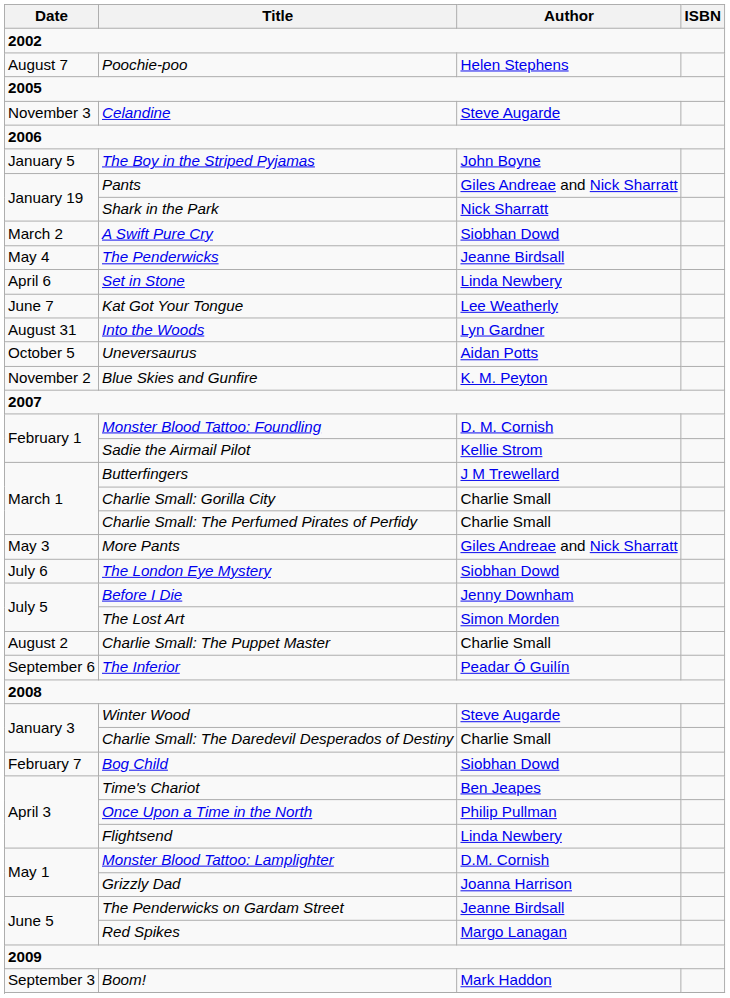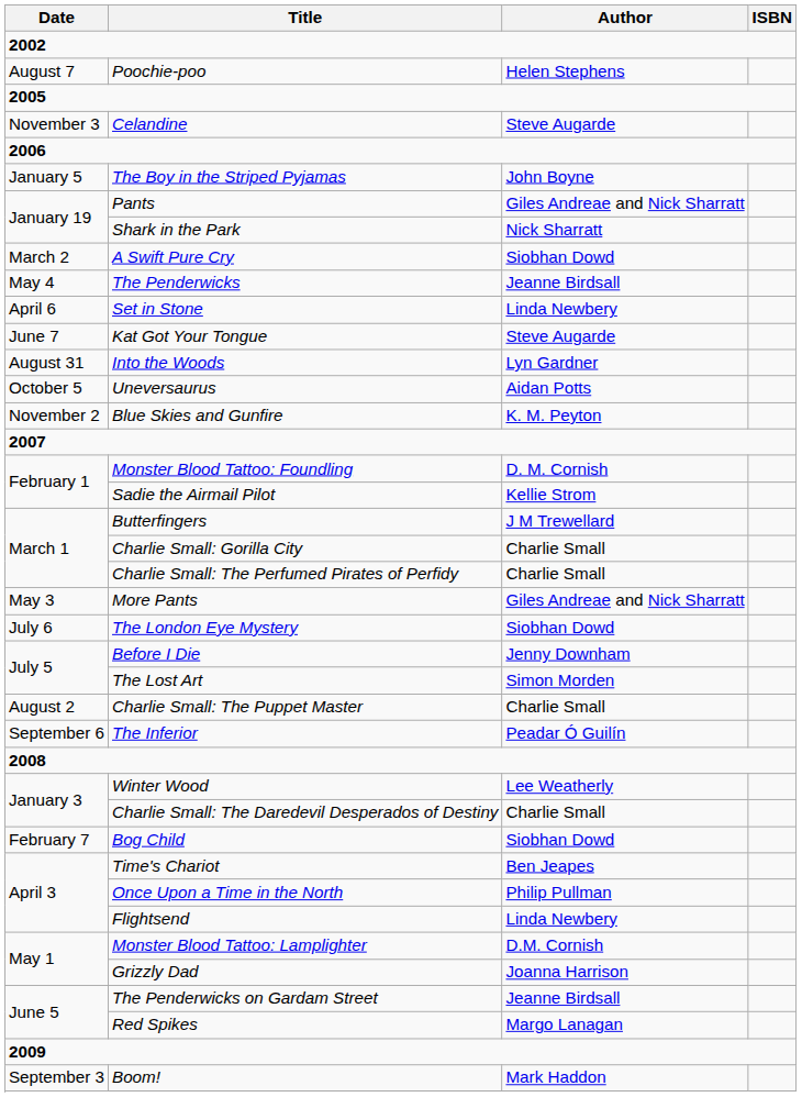 <table class="wikitable">
 <tr>
 <th>Date</th>
 <th>Title</th>
 <th>Author</th>
 <th>ISBN</th>
 </tr>
 <tr>
 <td colspan="5"><strong>2002</strong></td>
 </tr>
 <tr>
 <td>August 7</td>
 <td><em>Poochie-poo</em></td>
 <td><a href='#'>Helen Stephens</a></td>
 <td></td>
 </tr>
 <tr>
 <td colspan="5"><strong>2005</strong></td>
 </tr>
 <tr>
 <td>November 3</td>
 <td><em><a href='#'>Celandine</a></em></td>
 <td><a href='#'>Steve Augarde</a></td>
 <td></td>
 </tr>
 <tr>
 <td colspan="5"><strong>2006</strong></td>
 </tr>
 <tr>
 <td>January 5</td>
 <td><em><a href='#'>The Boy in the Striped Pyjamas</a></em></td>
 <td><a href='#'>John Boyne</a></td>
 <td></td>
 </tr>
 <tr>
 <td rowspan="2">January 19</td>
 <td><em>Pants</em></td>
 <td><a href='#'>Giles Andreae</a> and <a href='#'>Nick Sharratt</a></td>
 <td></td>
 </tr>
 <tr>
 <td><em>Shark in the Park</em></td>
 <td><a href='#'>Nick Sharratt</a></td>
 <td></td>
 </tr>
 <tr>
 <td>March 2</td>
 <td><em><a href='#'>A Swift Pure Cry</a></em></td>
 <td><a href='#'>Siobhan Dowd</a></td>
 <td></td>
 </tr>
 <tr>
 <td>May 4</td>
 <td><em><a href='#'>The Penderwicks</a></em></td>
 <td><a href='#'>Jeanne Birdsall</a></td>
 <td></td>
 </tr>
 <tr>
 <td>April 6</td>
 <td><em><a href='#'>Set in Stone</a></em></td>
 <td><a href='#'>Linda Newbery</a></td>
 <td></td>
 </tr>
 <tr>
 <td>June 7</td>
 <td><em>Kat Got Your Tongue</em></td>
-<td><a href='#'>Lee Weatherly</a></td>
+<td><a href='#'>Steve Augarde</a></td>
 <td></td>
 </tr>
 <tr>
 <td>August 31</td>
 <td><em><a href='#'>Into the Woods</a></em></td>
 <td><a href='#'>Lyn Gardner</a></td>
 <td></td>
 </tr>
 <tr>
 <td>October 5</td>
 <td><em>Uneversaurus</em></td>
 <td><a href='#'>Aidan Potts</a></td>
 <td></td>
 </tr>
 <tr>
 <td>November 2</td>
 <td><em>Blue Skies and Gunfire</em></td>
 <td><a href='#'>K. M. Peyton</a></td>
 <td></td>
 </tr>
 <tr>
 <td colspan="5"><strong>2007</strong></td>
 </tr>
 <tr>
 <td rowspan="2">February 1</td>
 <td><em><a href='#'>Monster Blood Tattoo: Foundling</a></em></td>
 <td><a href='#'>D. M. Cornish</a></td>
 <td></td>
 </tr>
 <tr>
 <td><em>Sadie the Airmail Pilot</em></td>
 <td><a href='#'>Kellie Strom</a></td>
 <td></td>
 </tr>
 <tr>
 <td rowspan="3">March 1</td>
 <td><em>Butterfingers</em></td>
 <td><a href='#'>J M Trewellard</a></td>
 <td></td>
 </tr>
 <tr>
 <td><em>Charlie Small: Gorilla City</em></td>
 <td>Charlie Small</td>
 <td></td>
 </tr>
 <tr>
 <td><em>Charlie Small: The Perfumed Pirates of Perfidy</em></td>
 <td>Charlie Small</td>
 <td></td>
 </tr>
 <tr>
 <td>May 3</td>
 <td><em>More Pants</em></td>
 <td><a href='#'>Giles Andreae</a> and <a href='#'>Nick Sharratt</a></td>
 <td></td>
 </tr>
 <tr>
 <td>July 6</td>
 <td><em><a href='#'>The London Eye Mystery</a></em></td>
 <td><a href='#'>Siobhan Dowd</a></td>
 <td></td>
 </tr>
 <tr>
 <td rowspan="2">July 5</td>
 <td><em><a href='#'>Before I Die</a></em></td>
 <td><a href='#'>Jenny Downham</a></td>
 <td></td>
 </tr>
 <tr>
 <td><em>The Lost Art</em></td>
 <td><a href='#'>Simon Morden</a></td>
 <td></td>
 </tr>
 <tr>
 <td>August 2</td>
 <td><em>Charlie Small: The Puppet Master</em></td>
 <td>Charlie Small</td>
 <td></td>
 </tr>
 <tr>
 <td>September 6</td>
 <td><em><a href='#'>The Inferior</a></em></td>
 <td><a href='#'>Peadar Ó Guilín</a></td>
 <td></td>
 </tr>
 <tr>
 <td colspan="5"><strong>2008</strong></td>
 </tr>
 <tr>
 <td rowspan="2">January 3</td>
 <td><em>Winter Wood</em></td>
-<td><a href='#'>Steve Augarde</a></td>
+<td><a href='#'>Lee Weatherly</a></td>
 <td></td>
 </tr>
 <tr>
 <td><em>Charlie Small: The Daredevil Desperados of Destiny</em></td>
 <td>Charlie Small</td>
 <td></td>
 </tr>
 <tr>
 <td>February 7</td>
 <td><em><a href='#'>Bog Child</a></em></td>
 <td><a href='#'>Siobhan Dowd</a></td>
 <td></td>
 </tr>
 <tr>
 <td rowspan="3">April 3</td>
 <td><em>Time's Chariot</em></td>
 <td><a href='#'>Ben Jeapes</a></td>
 <td></td>
 </tr>
 <tr>
 <td><em><a href='#'>Once Upon a Time in the North</a></em></td>
 <td><a href='#'>Philip Pullman</a></td>
 <td></td>
 </tr>
 <tr>
 <td><em>Flightsend</em></td>
 <td><a href='#'>Linda Newbery</a></td>
 <td></td>
 </tr>
 <tr>
 <td rowspan="2">May 1</td>
 <td><em><a href='#'>Monster Blood Tattoo: Lamplighter</a></em></td>
 <td><a href='#'>D.M. Cornish</a></td>
 <td></td>
 </tr>
 <tr>
 <td><em>Grizzly Dad</em></td>
 <td><a href='#'>Joanna Harrison</a></td>
 <td></td>
 </tr>
 <tr>
 <td rowspan="2">June 5</td>
 <td><em>The Penderwicks on Gardam Street</em></td>
 <td><a href='#'>Jeanne Birdsall</a></td>
 <td></td>
 </tr>
 <tr>
 <td><em>Red Spikes</em></td>
 <td><a href='#'>Margo Lanagan</a></td>
 <td></td>
 </tr>
 <tr>
 <td colspan="5"><strong>2009</strong></td>
 </tr>
 <tr>
 <td rowspan="2">September 3</td>
 <td><em>Boom!</em></td>
 <td><a href='#'>Mark Haddon</a></td>
 <td></td>
 </tr>
 <tr>
 </tr>
 </table>
